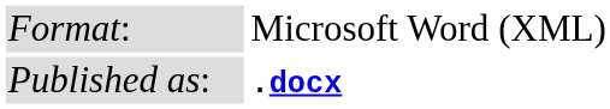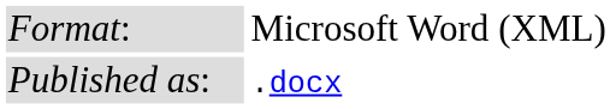 <table style="text-align:left;">
 <tr>
 <td style="background:#ddd; width:100px;"><em>Format</em>:</td>
 <td>Microsoft Word (XML)</td>
 </tr>
 <tr>
 <td style="background:#ddd;"><em>Published as</em>:</td>
-<td><strong><code>.<a href='#'>docx</a></code></strong></td>
+<td><code>.<a href='#'>docx</a></code></td>
 </tr>
 </table>
